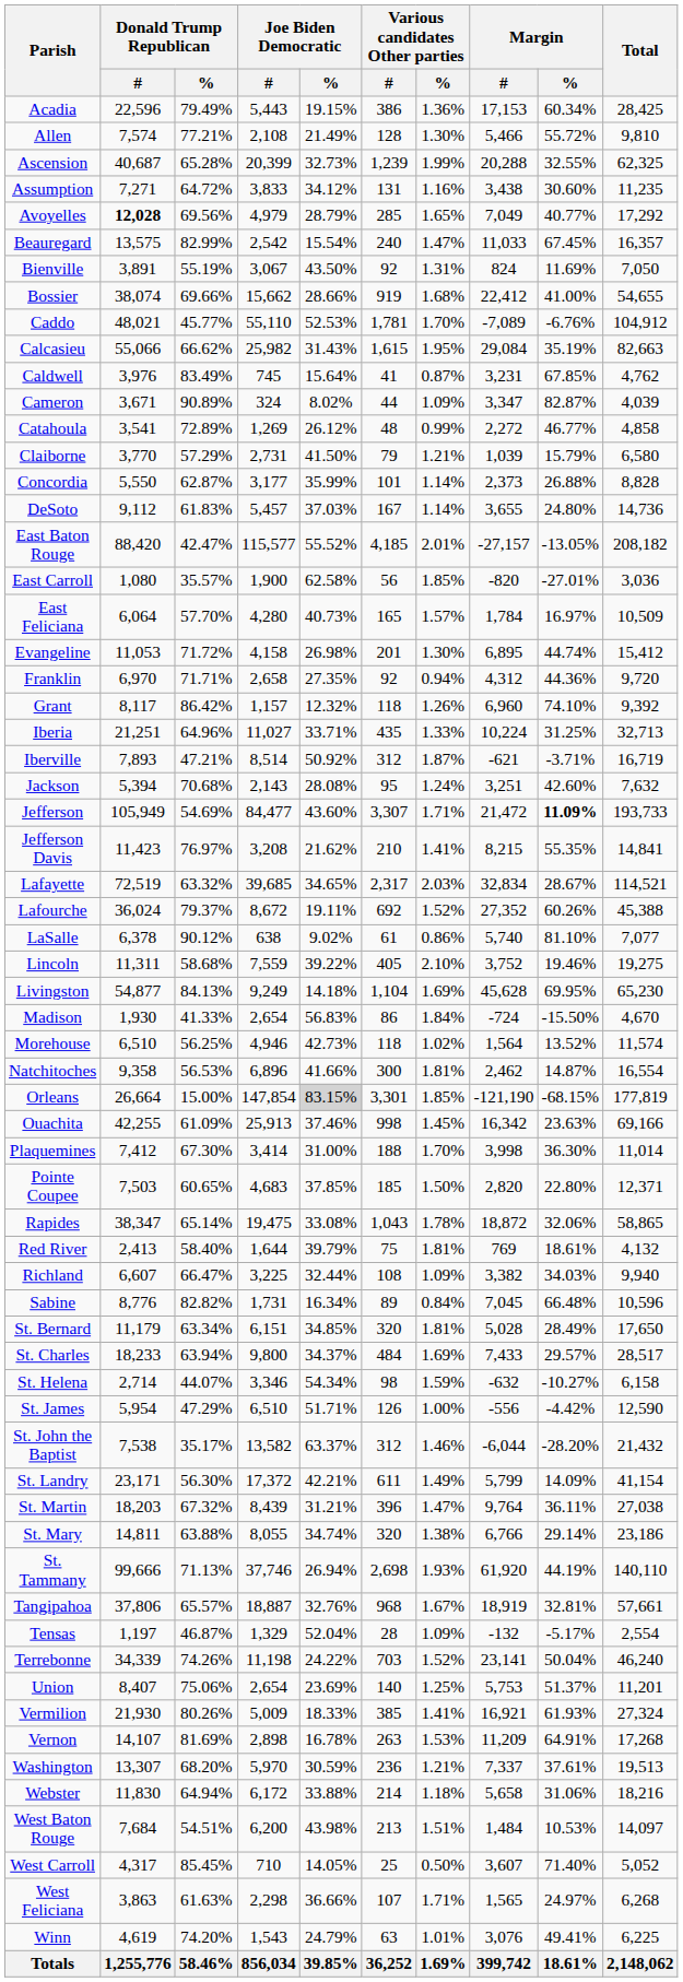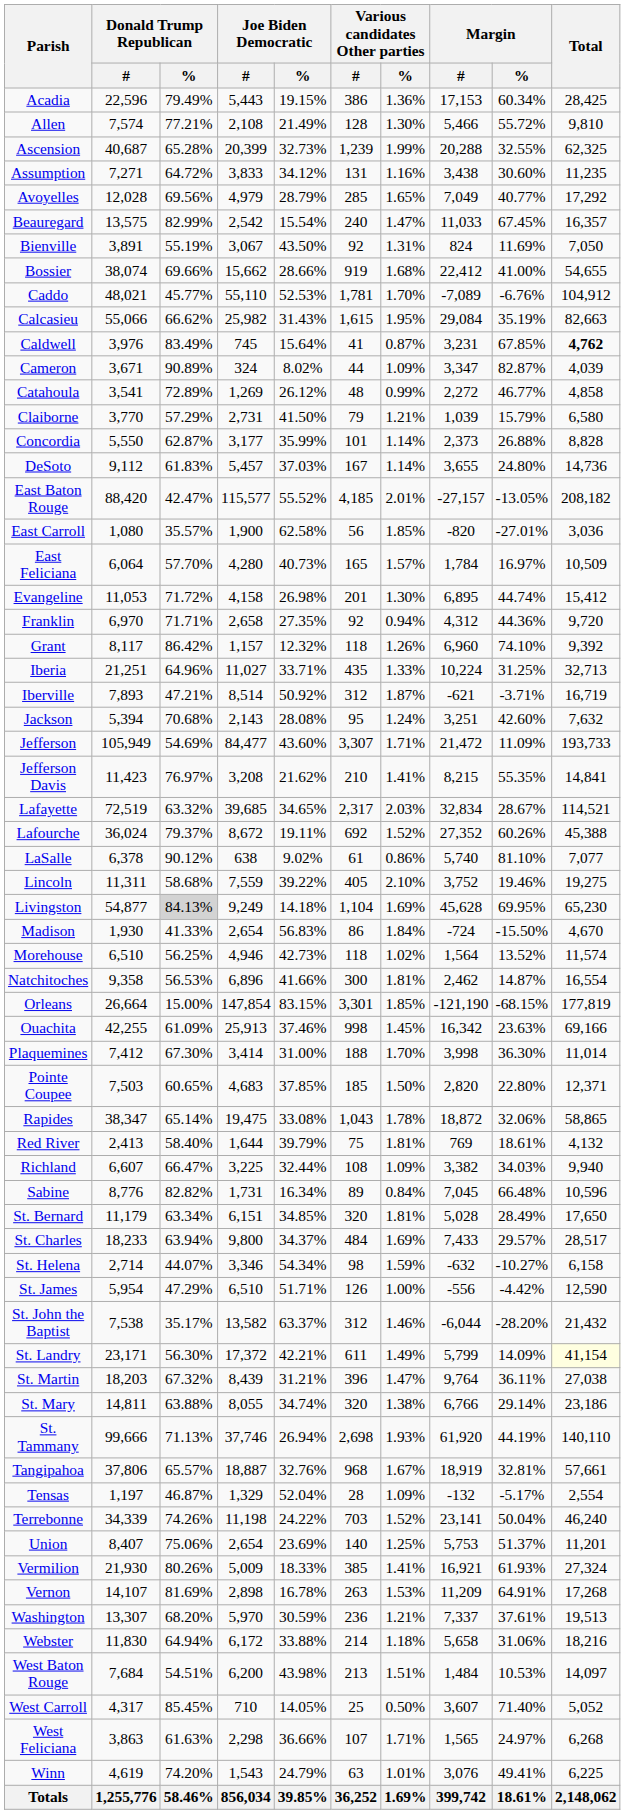 <table width="60%" class="wikitable sortable">
 <tr>
 <th rowspan="2">Parish</th>
 <th colspan="2">Donald Trump<br>Republican</th>
 <th colspan="2">Joe Biden<br>Democratic</th>
 <th colspan="2">Various candidates<br>Other parties</th>
 <th colspan="2">Margin</th>
 <th rowspan="2">Total</th>
 </tr>
 <tr>
 <th style="text-align:center;" data-sort-type="number">#</th>
 <th style="text-align:center;" data-sort-type="number">%</th>
 <th style="text-align:center;" data-sort-type="number">#</th>
 <th style="text-align:center;" data-sort-type="number">%</th>
 <th style="text-align:center;" data-sort-type="number">#</th>
 <th style="text-align:center;" data-sort-type="number">%</th>
 <th style="text-align:center;" data-sort-type="number">#</th>
 <th style="text-align:center;" data-sort-type="number">%</th>
 </tr>
 <tr style="text-align:center;">
 <td><a href='#'>Acadia</a></td>
 <td>22,596</td>
 <td>79.49%</td>
 <td>5,443</td>
 <td>19.15%</td>
 <td>386</td>
 <td>1.36%</td>
 <td>17,153</td>
 <td>60.34%</td>
 <td>28,425</td>
 </tr>
 <tr style="text-align:center;">
 <td><a href='#'>Allen</a></td>
 <td>7,574</td>
 <td>77.21%</td>
 <td>2,108</td>
 <td>21.49%</td>
 <td>128</td>
 <td>1.30%</td>
 <td>5,466</td>
 <td>55.72%</td>
 <td>9,810</td>
 </tr>
 <tr style="text-align:center;">
 <td><a href='#'>Ascension</a></td>
 <td>40,687</td>
 <td>65.28%</td>
 <td>20,399</td>
 <td>32.73%</td>
 <td>1,239</td>
 <td>1.99%</td>
 <td>20,288</td>
 <td>32.55%</td>
 <td>62,325</td>
 </tr>
 <tr style="text-align:center;">
 <td><a href='#'>Assumption</a></td>
 <td>7,271</td>
 <td>64.72%</td>
 <td>3,833</td>
 <td>34.12%</td>
 <td>131</td>
 <td>1.16%</td>
 <td>3,438</td>
 <td>30.60%</td>
 <td>11,235</td>
 </tr>
 <tr style="text-align:center;">
 <td><a href='#'>Avoyelles</a></td>
-<td><strong>12,028</strong></td>
+<td>12,028</td>
 <td>69.56%</td>
 <td>4,979</td>
 <td>28.79%</td>
 <td>285</td>
 <td>1.65%</td>
 <td>7,049</td>
 <td>40.77%</td>
 <td>17,292</td>
 </tr>
 <tr style="text-align:center;">
 <td><a href='#'>Beauregard</a></td>
 <td>13,575</td>
 <td>82.99%</td>
 <td>2,542</td>
 <td>15.54%</td>
 <td>240</td>
 <td>1.47%</td>
 <td>11,033</td>
 <td>67.45%</td>
 <td>16,357</td>
 </tr>
 <tr style="text-align:center;">
 <td><a href='#'>Bienville</a></td>
 <td>3,891</td>
 <td>55.19%</td>
 <td>3,067</td>
 <td>43.50%</td>
 <td>92</td>
 <td>1.31%</td>
 <td>824</td>
 <td>11.69%</td>
 <td>7,050</td>
 </tr>
 <tr style="text-align:center;">
 <td><a href='#'>Bossier</a></td>
 <td>38,074</td>
 <td>69.66%</td>
 <td>15,662</td>
 <td>28.66%</td>
 <td>919</td>
 <td>1.68%</td>
 <td>22,412</td>
 <td>41.00%</td>
 <td>54,655</td>
 </tr>
 <tr style="text-align:center;">
 <td><a href='#'>Caddo</a></td>
 <td>48,021</td>
 <td>45.77%</td>
 <td>55,110</td>
 <td>52.53%</td>
 <td>1,781</td>
 <td>1.70%</td>
 <td>-7,089</td>
 <td>-6.76%</td>
 <td>104,912</td>
 </tr>
 <tr style="text-align:center;">
 <td><a href='#'>Calcasieu</a></td>
 <td>55,066</td>
 <td>66.62%</td>
 <td>25,982</td>
 <td>31.43%</td>
 <td>1,615</td>
 <td>1.95%</td>
 <td>29,084</td>
 <td>35.19%</td>
 <td>82,663</td>
 </tr>
 <tr style="text-align:center;">
 <td><a href='#'>Caldwell</a></td>
 <td>3,976</td>
 <td>83.49%</td>
 <td>745</td>
 <td>15.64%</td>
 <td>41</td>
 <td>0.87%</td>
 <td>3,231</td>
 <td>67.85%</td>
-<td>4,762</td>
+<td><strong>4,762</strong></td>
 </tr>
 <tr style="text-align:center;">
 <td><a href='#'>Cameron</a></td>
 <td>3,671</td>
 <td>90.89%</td>
 <td>324</td>
 <td>8.02%</td>
 <td>44</td>
 <td>1.09%</td>
 <td>3,347</td>
 <td>82.87%</td>
 <td>4,039</td>
 </tr>
 <tr style="text-align:center;">
 <td><a href='#'>Catahoula</a></td>
 <td>3,541</td>
 <td>72.89%</td>
 <td>1,269</td>
 <td>26.12%</td>
 <td>48</td>
 <td>0.99%</td>
 <td>2,272</td>
 <td>46.77%</td>
 <td>4,858</td>
 </tr>
 <tr style="text-align:center;">
 <td><a href='#'>Claiborne</a></td>
 <td>3,770</td>
 <td>57.29%</td>
 <td>2,731</td>
 <td>41.50%</td>
 <td>79</td>
 <td>1.21%</td>
 <td>1,039</td>
 <td>15.79%</td>
 <td>6,580</td>
 </tr>
 <tr style="text-align:center;">
 <td><a href='#'>Concordia</a></td>
 <td>5,550</td>
 <td>62.87%</td>
 <td>3,177</td>
 <td>35.99%</td>
 <td>101</td>
 <td>1.14%</td>
 <td>2,373</td>
 <td>26.88%</td>
 <td>8,828</td>
 </tr>
 <tr style="text-align:center;">
 <td><a href='#'>DeSoto</a></td>
 <td>9,112</td>
 <td>61.83%</td>
 <td>5,457</td>
 <td>37.03%</td>
 <td>167</td>
 <td>1.14%</td>
 <td>3,655</td>
 <td>24.80%</td>
 <td>14,736</td>
 </tr>
 <tr style="text-align:center;">
 <td><a href='#'>East Baton Rouge</a></td>
 <td>88,420</td>
 <td>42.47%</td>
 <td>115,577</td>
 <td>55.52%</td>
 <td>4,185</td>
 <td>2.01%</td>
 <td>-27,157</td>
 <td>-13.05%</td>
 <td>208,182</td>
 </tr>
 <tr style="text-align:center;">
 <td><a href='#'>East Carroll</a></td>
 <td>1,080</td>
 <td>35.57%</td>
 <td>1,900</td>
 <td>62.58%</td>
 <td>56</td>
 <td>1.85%</td>
 <td>-820</td>
 <td>-27.01%</td>
 <td>3,036</td>
 </tr>
 <tr style="text-align:center;">
 <td><a href='#'>East Feliciana</a></td>
 <td>6,064</td>
 <td>57.70%</td>
 <td>4,280</td>
 <td>40.73%</td>
 <td>165</td>
 <td>1.57%</td>
 <td>1,784</td>
 <td>16.97%</td>
 <td>10,509</td>
 </tr>
 <tr style="text-align:center;">
 <td><a href='#'>Evangeline</a></td>
 <td>11,053</td>
 <td>71.72%</td>
 <td>4,158</td>
 <td>26.98%</td>
 <td>201</td>
 <td>1.30%</td>
 <td>6,895</td>
 <td>44.74%</td>
 <td>15,412</td>
 </tr>
 <tr style="text-align:center;">
 <td><a href='#'>Franklin</a></td>
 <td>6,970</td>
 <td>71.71%</td>
 <td>2,658</td>
 <td>27.35%</td>
 <td>92</td>
 <td>0.94%</td>
 <td>4,312</td>
 <td>44.36%</td>
 <td>9,720</td>
 </tr>
 <tr style="text-align:center;">
 <td><a href='#'>Grant</a></td>
 <td>8,117</td>
 <td>86.42%</td>
 <td>1,157</td>
 <td>12.32%</td>
 <td>118</td>
 <td>1.26%</td>
 <td>6,960</td>
 <td>74.10%</td>
 <td>9,392</td>
 </tr>
 <tr style="text-align:center;">
 <td><a href='#'>Iberia</a></td>
 <td>21,251</td>
 <td>64.96%</td>
 <td>11,027</td>
 <td>33.71%</td>
 <td>435</td>
 <td>1.33%</td>
 <td>10,224</td>
 <td>31.25%</td>
 <td>32,713</td>
 </tr>
 <tr style="text-align:center;">
 <td><a href='#'>Iberville</a></td>
 <td>7,893</td>
 <td>47.21%</td>
 <td>8,514</td>
 <td>50.92%</td>
 <td>312</td>
 <td>1.87%</td>
 <td>-621</td>
 <td>-3.71%</td>
 <td>16,719</td>
 </tr>
 <tr style="text-align:center;">
 <td><a href='#'>Jackson</a></td>
 <td>5,394</td>
 <td>70.68%</td>
 <td>2,143</td>
 <td>28.08%</td>
 <td>95</td>
 <td>1.24%</td>
 <td>3,251</td>
 <td>42.60%</td>
 <td>7,632</td>
 </tr>
 <tr style="text-align:center;">
 <td><a href='#'>Jefferson</a></td>
 <td>105,949</td>
 <td>54.69%</td>
 <td>84,477</td>
 <td>43.60%</td>
 <td>3,307</td>
 <td>1.71%</td>
 <td>21,472</td>
-<td><strong>11.09%</strong></td>
+<td>11.09%</td>
 <td>193,733</td>
 </tr>
 <tr style="text-align:center;">
 <td><a href='#'>Jefferson Davis</a></td>
 <td>11,423</td>
 <td>76.97%</td>
 <td>3,208</td>
 <td>21.62%</td>
 <td>210</td>
 <td>1.41%</td>
 <td>8,215</td>
 <td>55.35%</td>
 <td>14,841</td>
 </tr>
 <tr style="text-align:center;">
 <td><a href='#'>Lafayette</a></td>
 <td>72,519</td>
 <td>63.32%</td>
 <td>39,685</td>
 <td>34.65%</td>
 <td>2,317</td>
 <td>2.03%</td>
 <td>32,834</td>
 <td>28.67%</td>
 <td>114,521</td>
 </tr>
 <tr style="text-align:center;">
 <td><a href='#'>Lafourche</a></td>
 <td>36,024</td>
 <td>79.37%</td>
 <td>8,672</td>
 <td>19.11%</td>
 <td>692</td>
 <td>1.52%</td>
 <td>27,352</td>
 <td>60.26%</td>
 <td>45,388</td>
 </tr>
 <tr style="text-align:center;">
 <td><a href='#'>LaSalle</a></td>
 <td>6,378</td>
 <td>90.12%</td>
 <td>638</td>
 <td>9.02%</td>
 <td>61</td>
 <td>0.86%</td>
 <td>5,740</td>
 <td>81.10%</td>
 <td>7,077</td>
 </tr>
 <tr style="text-align:center;">
 <td><a href='#'>Lincoln</a></td>
 <td>11,311</td>
 <td>58.68%</td>
 <td>7,559</td>
 <td>39.22%</td>
 <td>405</td>
 <td>2.10%</td>
 <td>3,752</td>
 <td>19.46%</td>
 <td>19,275</td>
 </tr>
 <tr style="text-align:center;">
 <td><a href='#'>Livingston</a></td>
 <td>54,877</td>
-<td>84.13%</td>
+<td style="background: lightgrey;">84.13%</td>
 <td>9,249</td>
 <td>14.18%</td>
 <td>1,104</td>
 <td>1.69%</td>
 <td>45,628</td>
 <td>69.95%</td>
 <td>65,230</td>
 </tr>
 <tr style="text-align:center;">
 <td><a href='#'>Madison</a></td>
 <td>1,930</td>
 <td>41.33%</td>
 <td>2,654</td>
 <td>56.83%</td>
 <td>86</td>
 <td>1.84%</td>
 <td>-724</td>
 <td>-15.50%</td>
 <td>4,670</td>
 </tr>
 <tr style="text-align:center;">
 <td><a href='#'>Morehouse</a></td>
 <td>6,510</td>
 <td>56.25%</td>
 <td>4,946</td>
 <td>42.73%</td>
 <td>118</td>
 <td>1.02%</td>
 <td>1,564</td>
 <td>13.52%</td>
 <td>11,574</td>
 </tr>
 <tr style="text-align:center;">
 <td><a href='#'>Natchitoches</a></td>
 <td>9,358</td>
 <td>56.53%</td>
 <td>6,896</td>
 <td>41.66%</td>
 <td>300</td>
 <td>1.81%</td>
 <td>2,462</td>
 <td>14.87%</td>
 <td>16,554</td>
 </tr>
 <tr style="text-align:center;">
 <td><a href='#'>Orleans</a></td>
 <td>26,664</td>
 <td>15.00%</td>
 <td>147,854</td>
-<td style="background: lightgrey;">83.15%</td>
+<td>83.15%</td>
 <td>3,301</td>
 <td>1.85%</td>
 <td>-121,190</td>
 <td>-68.15%</td>
 <td>177,819</td>
 </tr>
 <tr style="text-align:center;">
 <td><a href='#'>Ouachita</a></td>
 <td>42,255</td>
 <td>61.09%</td>
 <td>25,913</td>
 <td>37.46%</td>
 <td>998</td>
 <td>1.45%</td>
 <td>16,342</td>
 <td>23.63%</td>
 <td>69,166</td>
 </tr>
 <tr style="text-align:center;">
 <td><a href='#'>Plaquemines</a></td>
 <td>7,412</td>
 <td>67.30%</td>
 <td>3,414</td>
 <td>31.00%</td>
 <td>188</td>
 <td>1.70%</td>
 <td>3,998</td>
 <td>36.30%</td>
 <td>11,014</td>
 </tr>
 <tr style="text-align:center;">
 <td><a href='#'>Pointe Coupee</a></td>
 <td>7,503</td>
 <td>60.65%</td>
 <td>4,683</td>
 <td>37.85%</td>
 <td>185</td>
 <td>1.50%</td>
 <td>2,820</td>
 <td>22.80%</td>
 <td>12,371</td>
 </tr>
 <tr style="text-align:center;">
 <td><a href='#'>Rapides</a></td>
 <td>38,347</td>
 <td>65.14%</td>
 <td>19,475</td>
 <td>33.08%</td>
 <td>1,043</td>
 <td>1.78%</td>
 <td>18,872</td>
 <td>32.06%</td>
 <td>58,865</td>
 </tr>
 <tr style="text-align:center;">
 <td><a href='#'>Red River</a></td>
 <td>2,413</td>
 <td>58.40%</td>
 <td>1,644</td>
 <td>39.79%</td>
 <td>75</td>
 <td>1.81%</td>
 <td>769</td>
 <td>18.61%</td>
 <td>4,132</td>
 </tr>
 <tr style="text-align:center;">
 <td><a href='#'>Richland</a></td>
 <td>6,607</td>
 <td>66.47%</td>
 <td>3,225</td>
 <td>32.44%</td>
 <td>108</td>
 <td>1.09%</td>
 <td>3,382</td>
 <td>34.03%</td>
 <td>9,940</td>
 </tr>
 <tr style="text-align:center;">
 <td><a href='#'>Sabine</a></td>
 <td>8,776</td>
 <td>82.82%</td>
 <td>1,731</td>
 <td>16.34%</td>
 <td>89</td>
 <td>0.84%</td>
 <td>7,045</td>
 <td>66.48%</td>
 <td>10,596</td>
 </tr>
 <tr style="text-align:center;">
 <td><a href='#'>St. Bernard</a></td>
 <td>11,179</td>
 <td>63.34%</td>
 <td>6,151</td>
 <td>34.85%</td>
 <td>320</td>
 <td>1.81%</td>
 <td>5,028</td>
 <td>28.49%</td>
 <td>17,650</td>
 </tr>
 <tr style="text-align:center;">
 <td><a href='#'>St. Charles</a></td>
 <td>18,233</td>
 <td>63.94%</td>
 <td>9,800</td>
 <td>34.37%</td>
 <td>484</td>
 <td>1.69%</td>
 <td>7,433</td>
 <td>29.57%</td>
 <td>28,517</td>
 </tr>
 <tr style="text-align:center;">
 <td><a href='#'>St. Helena</a></td>
 <td>2,714</td>
 <td>44.07%</td>
 <td>3,346</td>
 <td>54.34%</td>
 <td>98</td>
 <td>1.59%</td>
 <td>-632</td>
 <td>-10.27%</td>
 <td>6,158</td>
 </tr>
 <tr style="text-align:center;">
 <td><a href='#'>St. James</a></td>
 <td>5,954</td>
 <td>47.29%</td>
 <td>6,510</td>
 <td>51.71%</td>
 <td>126</td>
 <td>1.00%</td>
 <td>-556</td>
 <td>-4.42%</td>
 <td>12,590</td>
 </tr>
 <tr style="text-align:center;">
 <td><a href='#'>St. John the Baptist</a></td>
 <td>7,538</td>
 <td>35.17%</td>
 <td>13,582</td>
 <td>63.37%</td>
 <td>312</td>
 <td>1.46%</td>
 <td>-6,044</td>
 <td>-28.20%</td>
 <td>21,432</td>
 </tr>
 <tr style="text-align:center;">
 <td><a href='#'>St. Landry</a></td>
 <td>23,171</td>
 <td>56.30%</td>
 <td>17,372</td>
 <td>42.21%</td>
 <td>611</td>
 <td>1.49%</td>
 <td>5,799</td>
 <td>14.09%</td>
-<td>41,154</td>
+<td style="background: lightyellow;">41,154</td>
 </tr>
 <tr style="text-align:center;">
 <td><a href='#'>St. Martin</a></td>
 <td>18,203</td>
 <td>67.32%</td>
 <td>8,439</td>
 <td>31.21%</td>
 <td>396</td>
 <td>1.47%</td>
 <td>9,764</td>
 <td>36.11%</td>
 <td>27,038</td>
 </tr>
 <tr style="text-align:center;">
 <td><a href='#'>St. Mary</a></td>
 <td>14,811</td>
 <td>63.88%</td>
 <td>8,055</td>
 <td>34.74%</td>
 <td>320</td>
 <td>1.38%</td>
 <td>6,766</td>
 <td>29.14%</td>
 <td>23,186</td>
 </tr>
 <tr style="text-align:center;">
 <td><a href='#'>St. Tammany</a></td>
 <td>99,666</td>
 <td>71.13%</td>
 <td>37,746</td>
 <td>26.94%</td>
 <td>2,698</td>
 <td>1.93%</td>
 <td>61,920</td>
 <td>44.19%</td>
 <td>140,110</td>
 </tr>
 <tr style="text-align:center;">
 <td><a href='#'>Tangipahoa</a></td>
 <td>37,806</td>
 <td>65.57%</td>
 <td>18,887</td>
 <td>32.76%</td>
 <td>968</td>
 <td>1.67%</td>
 <td>18,919</td>
 <td>32.81%</td>
 <td>57,661</td>
 </tr>
 <tr style="text-align:center;">
 <td><a href='#'>Tensas</a></td>
 <td>1,197</td>
 <td>46.87%</td>
 <td>1,329</td>
 <td>52.04%</td>
 <td>28</td>
 <td>1.09%</td>
 <td>-132</td>
 <td>-5.17%</td>
 <td>2,554</td>
 </tr>
 <tr style="text-align:center;">
 <td><a href='#'>Terrebonne</a></td>
 <td>34,339</td>
 <td>74.26%</td>
 <td>11,198</td>
 <td>24.22%</td>
 <td>703</td>
 <td>1.52%</td>
 <td>23,141</td>
 <td>50.04%</td>
 <td>46,240</td>
 </tr>
 <tr style="text-align:center;">
 <td><a href='#'>Union</a></td>
 <td>8,407</td>
 <td>75.06%</td>
 <td>2,654</td>
 <td>23.69%</td>
 <td>140</td>
 <td>1.25%</td>
 <td>5,753</td>
 <td>51.37%</td>
 <td>11,201</td>
 </tr>
 <tr style="text-align:center;">
 <td><a href='#'>Vermilion</a></td>
 <td>21,930</td>
 <td>80.26%</td>
 <td>5,009</td>
 <td>18.33%</td>
 <td>385</td>
 <td>1.41%</td>
 <td>16,921</td>
 <td>61.93%</td>
 <td>27,324</td>
 </tr>
 <tr style="text-align:center;">
 <td><a href='#'>Vernon</a></td>
 <td>14,107</td>
 <td>81.69%</td>
 <td>2,898</td>
 <td>16.78%</td>
 <td>263</td>
 <td>1.53%</td>
 <td>11,209</td>
 <td>64.91%</td>
 <td>17,268</td>
 </tr>
 <tr style="text-align:center;">
 <td><a href='#'>Washington</a></td>
 <td>13,307</td>
 <td>68.20%</td>
 <td>5,970</td>
 <td>30.59%</td>
 <td>236</td>
 <td>1.21%</td>
 <td>7,337</td>
 <td>37.61%</td>
 <td>19,513</td>
 </tr>
 <tr style="text-align:center;">
 <td><a href='#'>Webster</a></td>
 <td>11,830</td>
 <td>64.94%</td>
 <td>6,172</td>
 <td>33.88%</td>
 <td>214</td>
 <td>1.18%</td>
 <td>5,658</td>
 <td>31.06%</td>
 <td>18,216</td>
 </tr>
 <tr style="text-align:center;">
 <td><a href='#'>West Baton Rouge</a></td>
 <td>7,684</td>
 <td>54.51%</td>
 <td>6,200</td>
 <td>43.98%</td>
 <td>213</td>
 <td>1.51%</td>
 <td>1,484</td>
 <td>10.53%</td>
 <td>14,097</td>
 </tr>
 <tr style="text-align:center;">
 <td><a href='#'>West Carroll</a></td>
 <td>4,317</td>
 <td>85.45%</td>
 <td>710</td>
 <td>14.05%</td>
 <td>25</td>
 <td>0.50%</td>
 <td>3,607</td>
 <td>71.40%</td>
 <td>5,052</td>
 </tr>
 <tr style="text-align:center;">
 <td><a href='#'>West Feliciana</a></td>
 <td>3,863</td>
 <td>61.63%</td>
 <td>2,298</td>
 <td>36.66%</td>
 <td>107</td>
 <td>1.71%</td>
 <td>1,565</td>
 <td>24.97%</td>
 <td>6,268</td>
 </tr>
 <tr style="text-align:center;">
 <td><a href='#'>Winn</a></td>
 <td>4,619</td>
 <td>74.20%</td>
 <td>1,543</td>
 <td>24.79%</td>
 <td>63</td>
 <td>1.01%</td>
 <td>3,076</td>
 <td>49.41%</td>
 <td>6,225</td>
 </tr>
 <tr>
 <th>Totals</th>
 <th>1,255,776</th>
 <th>58.46%</th>
 <th>856,034</th>
 <th>39.85%</th>
 <th>36,252</th>
 <th>1.69%</th>
 <th>399,742</th>
 <th>18.61%</th>
 <th>2,148,062</th>
 </tr>
 </table>
